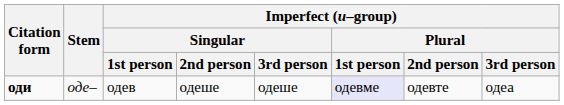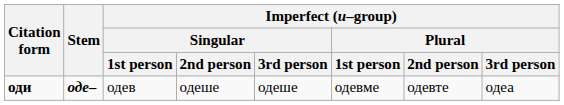 <table class="wikitable">
 <tr>
 <th rowspan="3">Citation<br>form</th>
 <th rowspan="3">Stem</th>
 <th colspan="6">Imperfect (<em>и</em>–group)</th>
 </tr>
 <tr>
 <th colspan="3">Singular</th>
 <th colspan="3">Plural</th>
 </tr>
 <tr>
 <th>1st person</th>
 <th>2nd person</th>
 <th>3rd person</th>
 <th>1st person</th>
 <th>2nd person</th>
 <th>3rd person</th>
 </tr>
 <tr>
 <td><strong>оди</strong></td>
-<td><em>оде–</em></td>
+<td><strong><em>оде–</em></strong></td>
 <td>оде<span>в</span></td>
 <td>оде<span>ше</span></td>
 <td>оде<span>ше</span></td>
-<td style="background: lavender;">оде<span>вме</span></td>
+<td>оде<span>вме</span></td>
 <td>оде<span>вте</span></td>
 <td>оде<span>а</span></td>
 </tr>
 </table>
